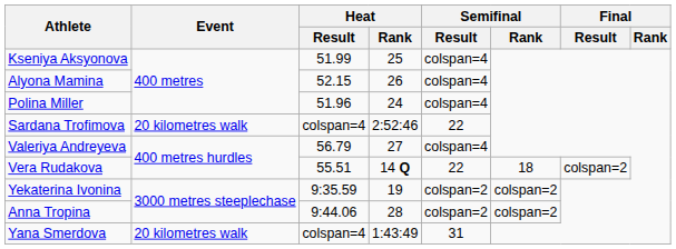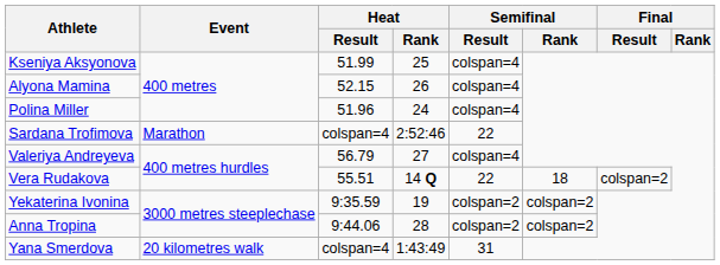 <table class="wikitable"  style=font-size:90%>
 <tr>
 <th rowspan="2">Athlete</th>
 <th rowspan="2">Event</th>
 <th colspan="2">Heat</th>
 <th colspan="2">Semifinal</th>
 <th colspan="2">Final</th>
 </tr>
 <tr>
 <th>Result</th>
 <th>Rank</th>
 <th>Result</th>
 <th>Rank</th>
 <th>Result</th>
 <th>Rank</th>
 </tr>
 <tr style=text-align:center>
 <td style=text-align:left><a href='#'>Kseniya Aksyonova</a></td>
 <td style=text-align:left rowspan=3><a href='#'>400 metres</a></td>
 <td>51.99</td>
 <td>25</td>
 <td>colspan=4 </td>
 </tr>
 <tr style=text-align:center>
 <td style=text-align:left><a href='#'>Alyona Mamina</a></td>
 <td>52.15</td>
 <td>26</td>
 <td>colspan=4 </td>
 </tr>
 <tr style=text-align:center>
 <td style=text-align:left><a href='#'>Polina Miller</a></td>
 <td>51.96</td>
 <td>24</td>
 <td>colspan=4 </td>
 </tr>
 <tr style=text-align:center>
 <td style=text-align:left><a href='#'>Sardana Trofimova</a></td>
-<td style=text-align:left><a href='#'>20 kilometres walk</a></td>
+<td style=text-align:left><a href='#'>Marathon</a></td>
 <td>colspan=4 </td>
 <td>2:52:46</td>
 <td>22</td>
 </tr>
 <tr style=text-align:center>
 <td style=text-align:left><a href='#'>Valeriya Andreyeva</a></td>
 <td style=text-align:left rowspan=2><a href='#'>400 metres hurdles</a></td>
 <td>56.79</td>
 <td>27</td>
 <td>colspan=4 </td>
 </tr>
 <tr style=text-align:center>
 <td style=text-align:left><a href='#'>Vera Rudakova</a></td>
 <td>55.51</td>
 <td>14 <strong>Q</strong></td>
 <td>22</td>
 <td>18</td>
 <td>colspan=2 </td>
 </tr>
 <tr style=text-align:center>
 <td style=text-align:left><a href='#'>Yekaterina Ivonina</a></td>
 <td style=text-align:left rowspan=2><a href='#'>3000 metres steeplechase</a></td>
 <td>9:35.59</td>
 <td>19</td>
 <td>colspan=2 </td>
 <td>colspan=2 </td>
 </tr>
 <tr style=text-align:center>
 <td style=text-align:left><a href='#'>Anna Tropina</a></td>
 <td>9:44.06</td>
 <td>28</td>
 <td>colspan=2</td>
 <td>colspan=2 </td>
 </tr>
 <tr style=text-align:center>
 <td style=text-align:left><a href='#'>Yana Smerdova</a></td>
 <td style=text-align:left><a href='#'>20 kilometres walk</a></td>
 <td>colspan=4</td>
 <td>1:43:49</td>
 <td>31</td>
 </tr>
 </table>
